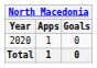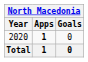 <table class="wikitable" style="text-align:center">
 <tr>
 <th colspan=3><a href='#'>North Macedonia</a></th>
 </tr>
 <tr>
 <th>Year</th>
 <th>Apps</th>
 <th>Goals</th>
 </tr>
 <tr>
 <td>2020</td>
-<td>1</td>
+<td><strong>1</strong></td>
 <td>0</td>
 </tr>
 <tr>
 <th>Total</th>
 <th>1</th>
 <th>0</th>
 </tr>
 </table>
